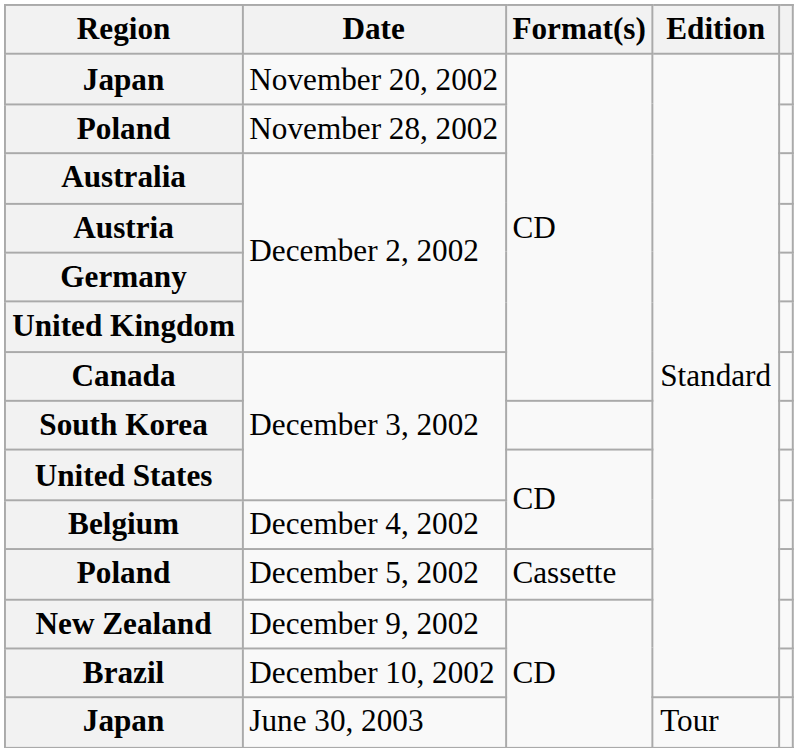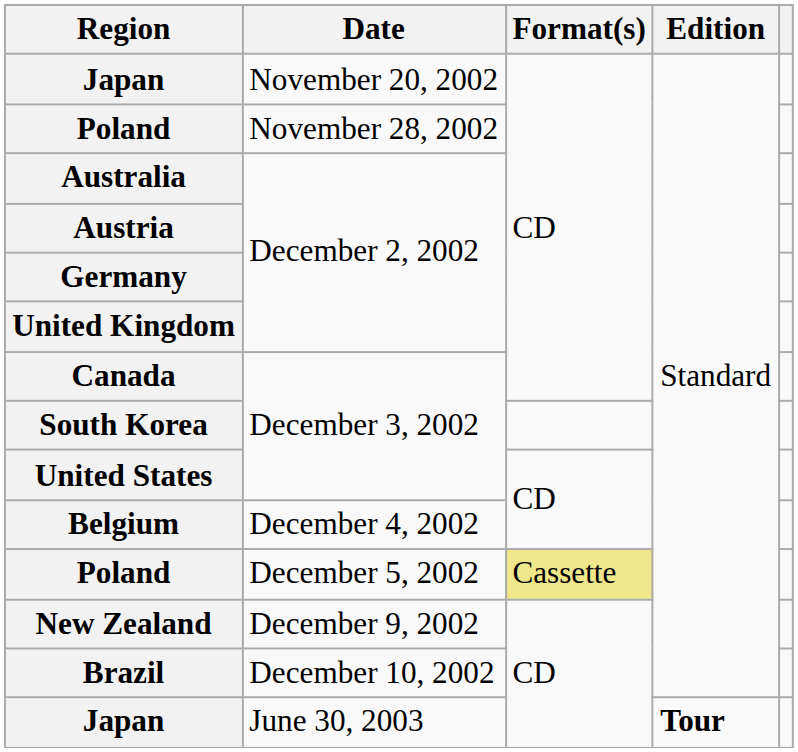 <table class="wikitable plainrowheaders">
 <tr>
 <th scope="col">Region</th>
 <th scope="col">Date</th>
 <th scope="col">Format(s)</th>
 <th scope="col">Edition</th>
 <th scope="col"></th>
 </tr>
 <tr>
 <th scope="row">Japan</th>
 <td>November 20, 2002</td>
 <td rowspan="7">CD</td>
 <td rowspan="13">Standard</td>
 <td></td>
 </tr>
 <tr>
 <th scope="row">Poland</th>
 <td>November 28, 2002</td>
 <td></td>
 </tr>
 <tr>
 <th scope="row">Australia</th>
 <td rowspan="4">December 2, 2002</td>
 <td></td>
 </tr>
 <tr>
 <th scope="row">Austria</th>
 <td></td>
 </tr>
 <tr>
 <th scope="row">Germany</th>
 <td></td>
 </tr>
 <tr>
 <th scope="row">United Kingdom</th>
 <td></td>
 </tr>
 <tr>
 <th scope="row">Canada</th>
 <td rowspan="3">December 3, 2002</td>
 <td></td>
 </tr>
 <tr>
 <th scope="row">South Korea</th>
 <td></td>
 <td></td>
 </tr>
 <tr>
 <th scope="row">United States</th>
 <td rowspan="2">CD</td>
 <td></td>
 </tr>
 <tr>
 <th scope="row">Belgium</th>
 <td>December 4, 2002</td>
 <td></td>
 </tr>
 <tr>
 <th scope="row">Poland</th>
 <td>December 5, 2002</td>
-<td>Cassette</td>
+<td style="background: khaki;">Cassette</td>
 <td></td>
 </tr>
 <tr>
 <th scope="row">New Zealand</th>
 <td>December 9, 2002</td>
 <td rowspan="3">CD</td>
 <td></td>
 </tr>
 <tr>
 <th scope="row">Brazil</th>
 <td>December 10, 2002</td>
 <td></td>
 </tr>
 <tr>
 <th scope="row">Japan</th>
 <td>June 30, 2003</td>
-<td>Tour</td>
+<td><strong>Tour</strong></td>
 <td></td>
 </tr>
 <tr>
 </tr>
 </table>
